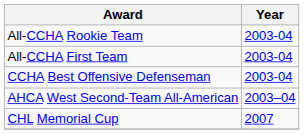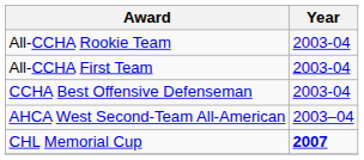 <table class="wikitable">
 <tr>
 <th>Award</th>
 <th>Year</th>
 </tr>
 <tr>
 <td>All-<a href='#'>CCHA</a> <a href='#'>Rookie Team</a></td>
 <td><a href='#'>2003-04</a></td>
 </tr>
 <tr>
 <td>All-<a href='#'>CCHA</a> <a href='#'>First Team</a></td>
 <td><a href='#'>2003-04</a></td>
 </tr>
 <tr>
 <td><a href='#'>CCHA</a> <a href='#'>Best Offensive Defenseman</a></td>
 <td><a href='#'>2003-04</a></td>
 </tr>
 <tr>
 <td><a href='#'>AHCA</a> <a href='#'>West Second-Team All-American</a></td>
 <td><a href='#'>2003–04</a></td>
 </tr>
 <tr>
 <td><a href='#'>CHL</a> <a href='#'>Memorial Cup</a></td>
-<td><a href='#'>2007</a></td>
+<td><strong><a href='#'>2007</a></strong></td>
 </tr>
 <tr>
 </tr>
 </table>
